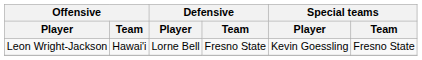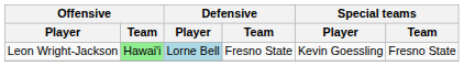 <table class="wikitable" border="1">
 <tr>
 <th colspan="2">Offensive</th>
 <th colspan="2">Defensive</th>
 <th colspan="2">Special teams</th>
 </tr>
 <tr>
 <th>Player</th>
 <th>Team</th>
 <th>Player</th>
 <th>Team</th>
 <th>Player</th>
 <th>Team</th>
 </tr>
 <tr>
 <td>Leon Wright-Jackson</td>
-<td>Hawai'i</td>
-<td>Lorne Bell</td>
+<td style="background: lightgreen;">Hawai'i</td>
+<td style="background: lightblue;">Lorne Bell</td>
 <td>Fresno State</td>
 <td>Kevin Goessling</td>
 <td>Fresno State</td>
 </tr>
 <tr>
 </tr>
 </table>
